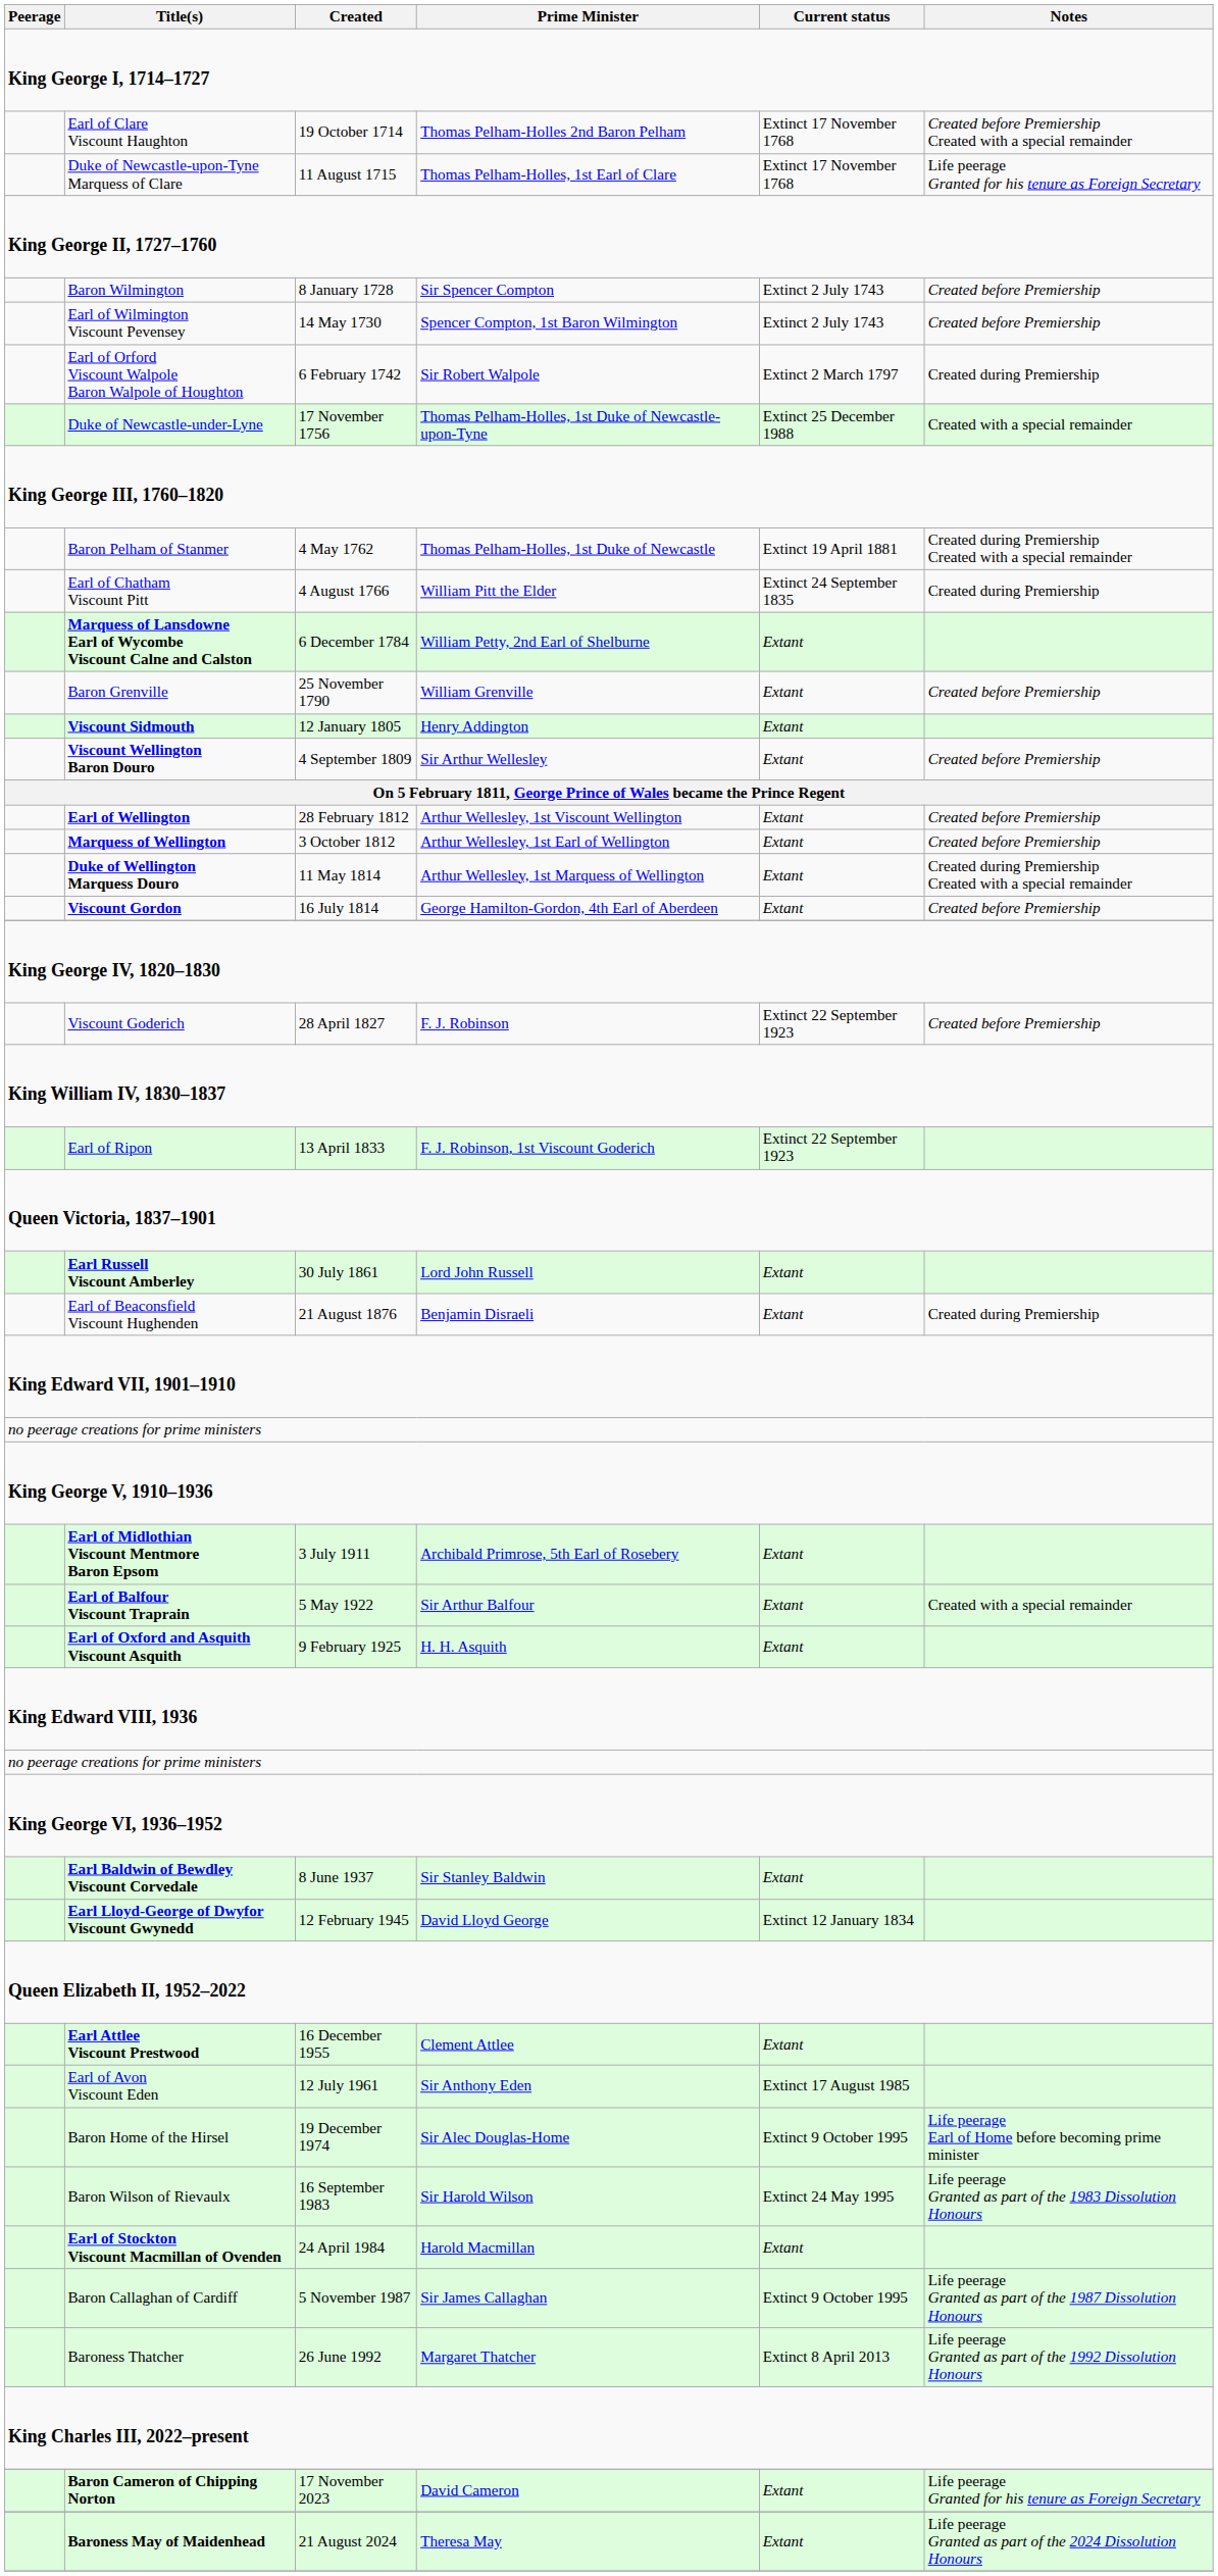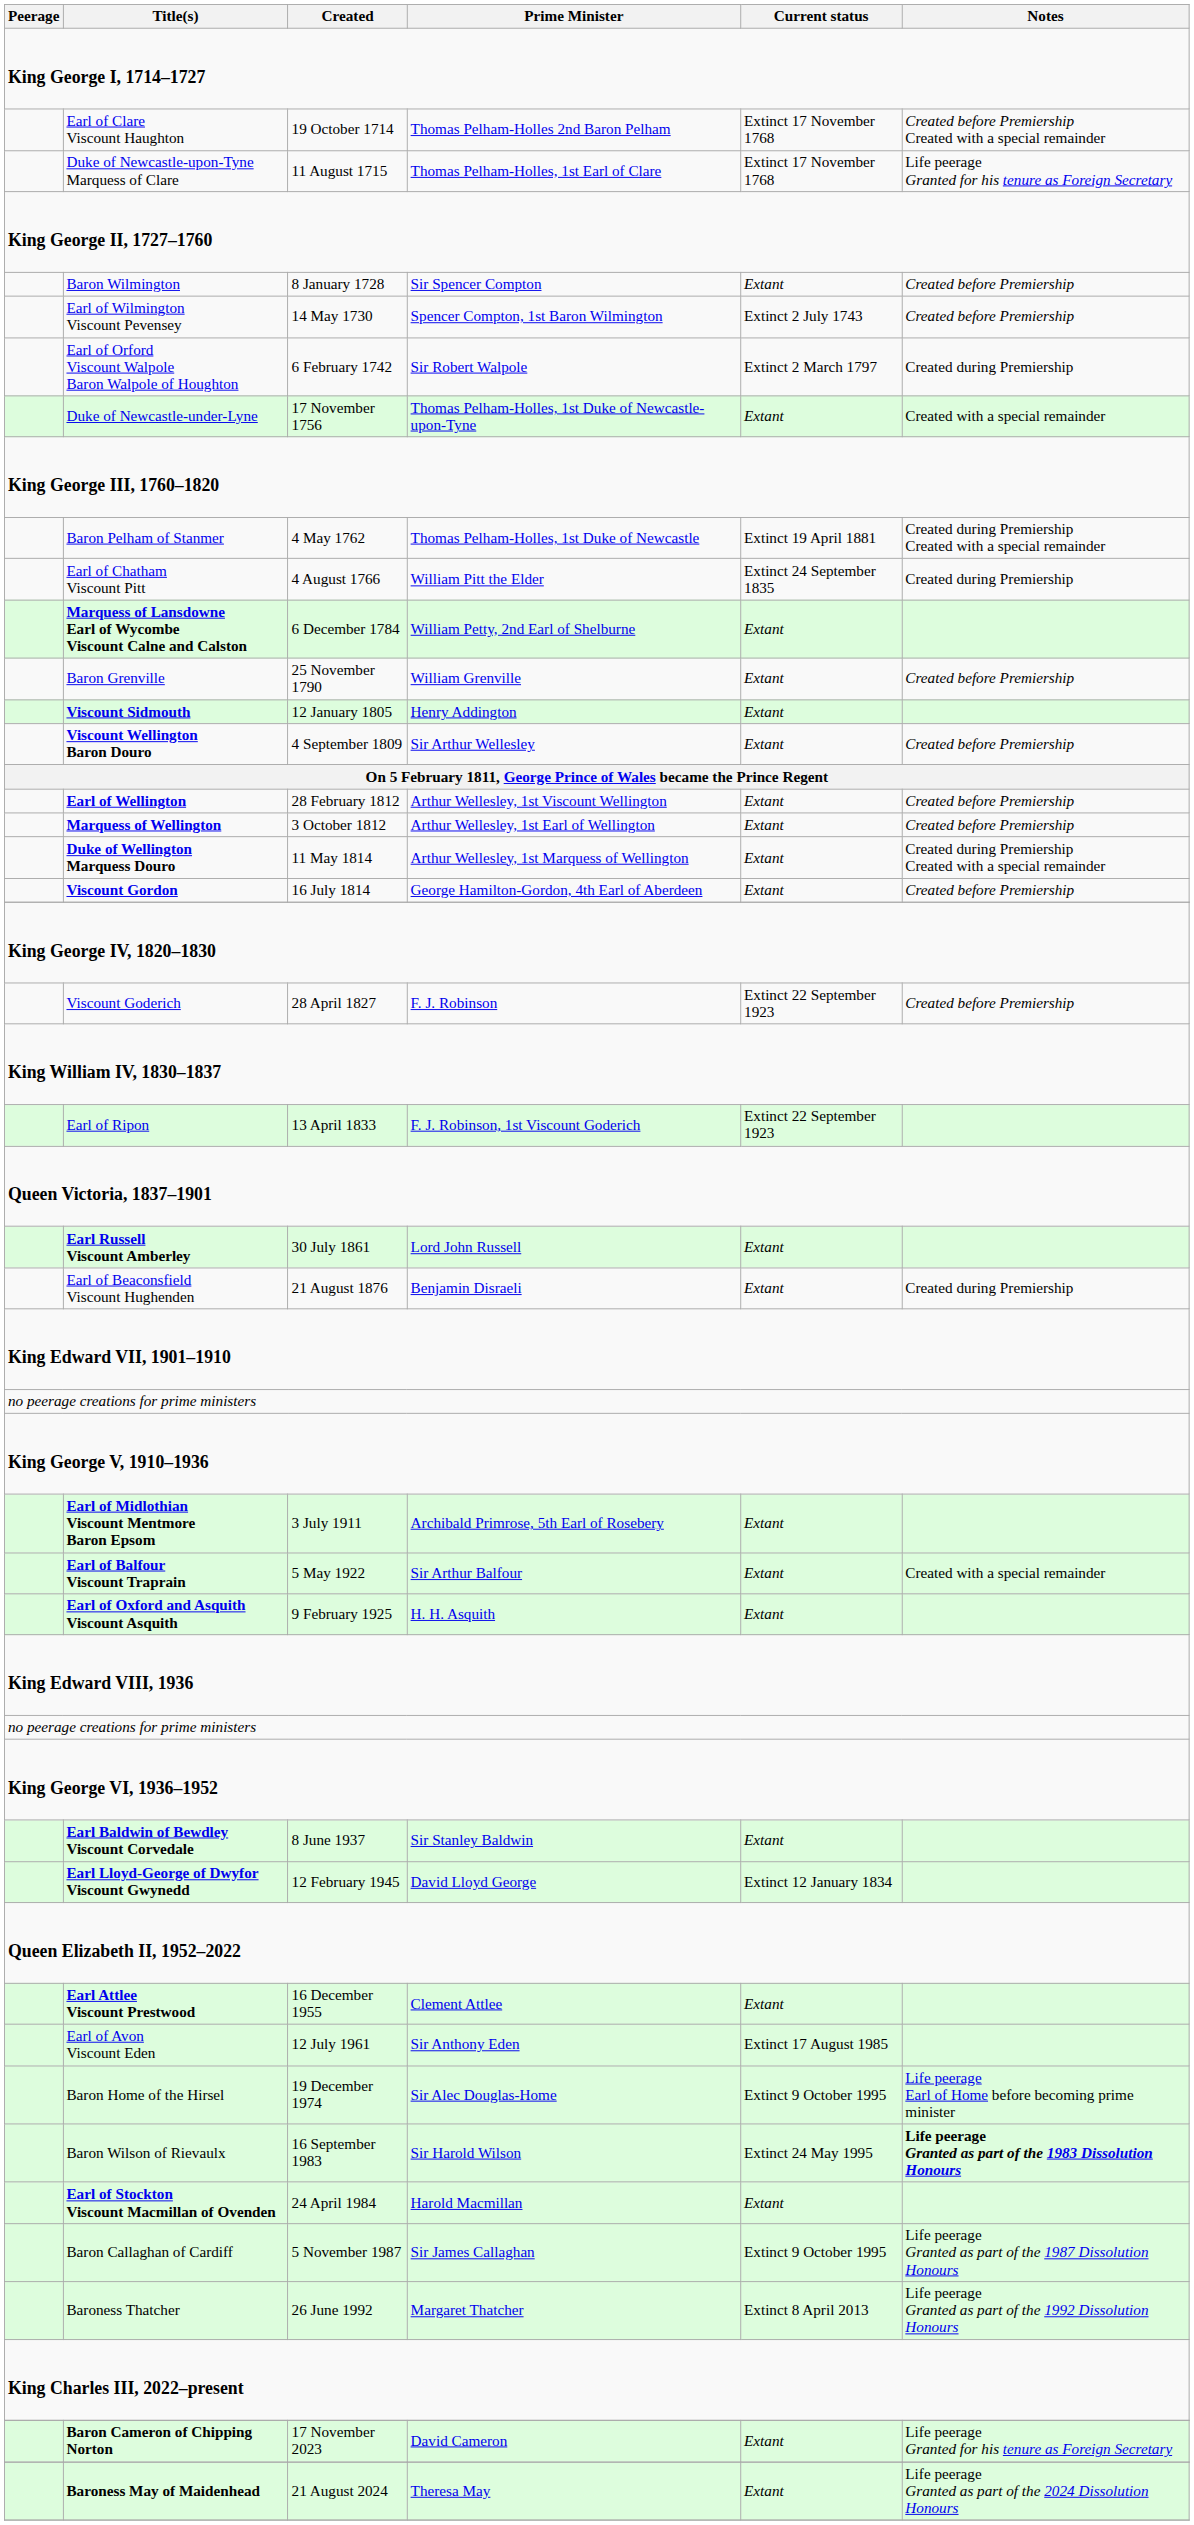 <table class="wikitable">
 <tr>
 <th>Peerage</th>
 <th>Title(s)</th>
 <th>Created</th>
 <th>Prime Minister</th>
 <th>Current status</th>
 <th>Notes</th>
 </tr>
 <tr>
 <td colspan=6><br><h3>King George I, 1714–1727</h3></td>
 </tr>
 <tr>
 <td></td>
 <td><a href='#'>Earl of Clare</a><br>Viscount Haughton</td>
 <td>19 October 1714</td>
 <td><a href='#'>Thomas Pelham-Holles 2nd Baron Pelham</a></td>
 <td>Extinct 17 November 1768</td>
 <td><em>Created before Premiership</em><br>Created with a special remainder</td>
 </tr>
 <tr>
 <td></td>
 <td><a href='#'>Duke of Newcastle-upon-Tyne</a><br>Marquess of Clare</td>
 <td>11 August 1715</td>
 <td><a href='#'>Thomas Pelham-Holles, 1st Earl of Clare</a></td>
 <td>Extinct 17 November 1768</td>
 <td>Life peerage<br><em>Granted for his <a href='#'>tenure as Foreign Secretary</a></em></td>
 </tr>
 <tr>
 <td colspan=6><br><h3>King George II, 1727–1760</h3></td>
 </tr>
 <tr>
 <td></td>
 <td><a href='#'>Baron Wilmington</a></td>
 <td>8 January 1728</td>
 <td><a href='#'>Sir Spencer Compton</a></td>
-<td>Extinct 2 July 1743</td>
+<td><em>Extant</em></td>
 <td><em>Created before Premiership</em></td>
 </tr>
 <tr>
 <td></td>
 <td><a href='#'>Earl of Wilmington</a><br>Viscount Pevensey</td>
 <td>14 May 1730</td>
 <td><a href='#'>Spencer Compton, 1st Baron Wilmington</a></td>
 <td>Extinct 2 July 1743</td>
 <td><em>Created before Premiership</em></td>
 </tr>
 <tr>
 <td></td>
 <td><a href='#'>Earl of Orford</a><br><a href='#'>Viscount Walpole</a><br><a href='#'>Baron Walpole of Houghton</a></td>
 <td>6 February 1742</td>
 <td><a href='#'>Sir Robert Walpole</a></td>
 <td>Extinct 2 March 1797</td>
 <td>Created during Premiership</td>
 </tr>
 <tr scope=row style="background:#DDFDDD">
 <td></td>
 <td><a href='#'>Duke of Newcastle-under-Lyne</a></td>
 <td>17 November 1756</td>
 <td><a href='#'>Thomas Pelham-Holles, 1st Duke of Newcastle-upon-Tyne</a></td>
-<td>Extinct 25 December 1988</td>
+<td><em>Extant</em></td>
 <td>Created with a special remainder</td>
 </tr>
 <tr>
 <td colspan=6><br><h3>King George III, 1760–1820</h3></td>
 </tr>
 <tr>
 <td></td>
 <td><a href='#'>Baron Pelham of Stanmer</a></td>
 <td>4 May 1762</td>
 <td><a href='#'>Thomas Pelham-Holles, 1st Duke of Newcastle</a></td>
 <td>Extinct 19 April 1881</td>
 <td>Created during Premiership<br>Created with a special remainder</td>
 </tr>
 <tr>
 <td></td>
 <td><a href='#'>Earl of Chatham</a><br>Viscount Pitt</td>
 <td>4 August 1766</td>
 <td><a href='#'>William Pitt the Elder</a></td>
 <td>Extinct 24 September 1835</td>
 <td>Created during Premiership</td>
 </tr>
 <tr scope=row style="background:#DDFDDD">
 <td></td>
 <td><strong><a href='#'>Marquess of Lansdowne</a><br>Earl of Wycombe<br>Viscount Calne and Calston</strong></td>
 <td>6 December 1784</td>
 <td><a href='#'>William Petty, 2nd Earl of Shelburne</a></td>
 <td><em>Extant</em></td>
 <td></td>
 </tr>
 <tr>
 <td></td>
 <td><a href='#'>Baron Grenville</a></td>
 <td>25 November 1790</td>
 <td><a href='#'>William Grenville</a></td>
 <td><em>Extant</em></td>
 <td><em>Created before Premiership</em></td>
 </tr>
 <tr scope=row style="background:#DDFDDD">
 <td></td>
 <td><strong><a href='#'>Viscount Sidmouth</a></strong></td>
 <td>12 January 1805</td>
 <td><a href='#'>Henry Addington</a></td>
 <td><em>Extant</em></td>
 <td></td>
 </tr>
 <tr>
 <td></td>
 <td><strong><a href='#'>Viscount Wellington</a><br>Baron Douro</strong></td>
 <td>4 September 1809</td>
 <td><a href='#'>Sir Arthur Wellesley</a></td>
 <td><em>Extant</em></td>
 <td><em>Created before Premiership</em></td>
 </tr>
 <tr>
 <th colspan=6>On 5 February 1811, <a href='#'>George Prince of Wales</a> became the Prince Regent</th>
 </tr>
 <tr>
 <td></td>
 <td><strong><a href='#'>Earl of Wellington</a></strong></td>
 <td>28 February 1812</td>
 <td><a href='#'>Arthur Wellesley, 1st Viscount Wellington</a></td>
 <td><em>Extant</em></td>
 <td><em>Created before Premiership</em></td>
 </tr>
 <tr>
 <td></td>
 <td><strong><a href='#'>Marquess of Wellington</a></strong></td>
 <td>3 October 1812</td>
 <td><a href='#'>Arthur Wellesley, 1st Earl of Wellington</a></td>
 <td><em>Extant</em></td>
 <td><em>Created before Premiership</em></td>
 </tr>
 <tr>
 <td></td>
 <td><strong><a href='#'>Duke of Wellington</a><br>Marquess Douro</strong></td>
 <td>11 May 1814</td>
 <td><a href='#'>Arthur Wellesley, 1st Marquess of Wellington</a></td>
 <td><em>Extant</em></td>
 <td>Created during Premiership<br>Created with a special remainder</td>
 </tr>
 <tr>
 <td></td>
 <td><strong><a href='#'>Viscount Gordon</a></strong></td>
 <td>16 July 1814</td>
 <td><a href='#'>George Hamilton-Gordon, 4th Earl of Aberdeen</a></td>
 <td><em>Extant</em></td>
 <td><em>Created before Premiership</em></td>
 </tr>
 <tr>
 </tr>
 <tr>
 <td colspan=6><br><h3>King George IV, 1820–1830</h3></td>
 </tr>
 <tr>
 <td></td>
 <td><a href='#'>Viscount Goderich</a></td>
 <td>28 April 1827</td>
 <td><a href='#'>F. J. Robinson</a></td>
 <td>Extinct 22 September 1923</td>
 <td><em>Created before Premiership</em></td>
 </tr>
 <tr>
 <td colspan=6><br><h3>King William IV, 1830–1837</h3></td>
 </tr>
 <tr scope=row style="background:#DDFDDD">
 <td></td>
 <td><a href='#'>Earl of Ripon</a></td>
 <td>13 April 1833</td>
 <td><a href='#'>F. J. Robinson, 1st Viscount Goderich</a></td>
 <td>Extinct 22 September 1923</td>
 <td></td>
 </tr>
 <tr>
 <td colspan=6><br><h3>Queen Victoria, 1837–1901</h3></td>
 </tr>
 <tr scope=row style="background:#DDFDDD">
 <td></td>
 <td><strong><a href='#'>Earl Russell</a><br>Viscount Amberley</strong></td>
 <td>30 July 1861</td>
 <td><a href='#'>Lord John Russell</a></td>
 <td><em>Extant</em></td>
 <td></td>
 </tr>
 <tr>
 <td></td>
 <td><a href='#'>Earl of Beaconsfield</a><br>Viscount Hughenden</td>
 <td>21 August 1876</td>
 <td><a href='#'>Benjamin Disraeli</a></td>
 <td><em>Extant</em></td>
 <td>Created during Premiership</td>
 </tr>
 <tr>
 <td colspan=6><br><h3>King Edward VII, 1901–1910</h3></td>
 </tr>
 <tr>
 <td colspan=6><em>no peerage creations for prime ministers</em></td>
 </tr>
 <tr>
 <td colspan=6><br><h3>King George V, 1910–1936</h3></td>
 </tr>
 <tr scope=row style="background:#DDFDDD">
 <td></td>
 <td><strong><a href='#'>Earl of Midlothian</a><br>Viscount Mentmore<br>Baron Epsom</strong></td>
 <td>3 July 1911</td>
 <td><a href='#'>Archibald Primrose, 5th Earl of Rosebery</a></td>
 <td><em>Extant</em></td>
 <td></td>
 </tr>
 <tr scope=row style="background:#DDFDDD">
 <td></td>
 <td><strong><a href='#'>Earl of Balfour</a><br>Viscount Traprain</strong></td>
 <td>5 May 1922</td>
 <td><a href='#'>Sir Arthur Balfour</a></td>
 <td><em>Extant</em></td>
 <td>Created with a special remainder</td>
 </tr>
 <tr scope=row style="background:#DDFDDD">
 <td></td>
 <td><strong><a href='#'>Earl of Oxford and Asquith</a><br>Viscount Asquith</strong></td>
 <td>9 February 1925</td>
 <td><a href='#'>H. H. Asquith</a></td>
 <td><em>Extant</em></td>
 <td></td>
 </tr>
 <tr>
 <td colspan=6><br><h3>King Edward VIII, 1936</h3></td>
 </tr>
 <tr>
 <td colspan=6><em>no peerage creations for prime ministers</em></td>
 </tr>
 <tr>
 <td colspan=6><br><h3>King George VI, 1936–1952</h3></td>
 </tr>
 <tr scope=row style="background:#DDFDDD">
 <td></td>
 <td><strong><a href='#'>Earl Baldwin of Bewdley</a><br>Viscount Corvedale</strong></td>
 <td>8 June 1937</td>
 <td><a href='#'>Sir Stanley Baldwin</a></td>
 <td><em>Extant</em></td>
 <td></td>
 </tr>
 <tr scope=row style="background:#DDFDDD">
 <td></td>
 <td><strong><a href='#'>Earl Lloyd-George of Dwyfor</a><br>Viscount Gwynedd</strong></td>
 <td>12 February 1945</td>
 <td><a href='#'>David Lloyd George</a></td>
 <td>Extinct 12 January 1834</td>
 <td></td>
 </tr>
 <tr>
 <td colspan=6><br><h3>Queen Elizabeth II, 1952–2022</h3></td>
 </tr>
 <tr scope=row style="background:#DDFDDD">
 <td></td>
 <td><strong><a href='#'>Earl Attlee</a><br>Viscount Prestwood</strong></td>
 <td>16 December 1955</td>
 <td><a href='#'>Clement Attlee</a></td>
 <td><em>Extant</em></td>
 <td></td>
 </tr>
 <tr scope=row style="background:#DDFDDD">
 <td></td>
 <td><a href='#'>Earl of Avon</a><br>Viscount Eden</td>
 <td>12 July 1961</td>
 <td><a href='#'>Sir Anthony Eden</a></td>
 <td>Extinct 17 August 1985</td>
 <td></td>
 </tr>
 <tr scope=row style="background:#DDFDDD">
 <td></td>
 <td>Baron Home of the Hirsel</td>
 <td>19 December 1974</td>
 <td><a href='#'>Sir Alec Douglas-Home</a></td>
 <td>Extinct 9 October 1995</td>
 <td><a href='#'>Life peerage</a><br><a href='#'>Earl of Home</a> before becoming prime minister</td>
 </tr>
 <tr scope=row style="background:#DDFDDD">
 <td></td>
 <td>Baron Wilson of Rievaulx</td>
 <td>16 September 1983</td>
 <td><a href='#'>Sir Harold Wilson</a></td>
 <td>Extinct 24 May 1995</td>
-<td>Life peerage<br><em>Granted as part of the <a href='#'>1983 Dissolution Honours</a></em></td>
+<td><strong>Life peerage<br><em>Granted as part of the <a href='#'>1983 Dissolution Honours</a></em></strong></td>
 </tr>
 <tr scope=row style="background:#DDFDDD">
 <td></td>
 <td><strong><a href='#'>Earl of Stockton</a><br>Viscount Macmillan of Ovenden</strong></td>
 <td>24 April 1984</td>
 <td><a href='#'>Harold Macmillan</a></td>
 <td><em>Extant</em></td>
 <td></td>
 </tr>
 <tr scope=row style="background:#DDFDDD">
 <td></td>
 <td>Baron Callaghan of Cardiff</td>
 <td>5 November 1987</td>
 <td><a href='#'>Sir James Callaghan</a></td>
 <td>Extinct 9 October 1995</td>
 <td>Life peerage<br><em>Granted as part of the <a href='#'>1987 Dissolution Honours</a></em></td>
 </tr>
 <tr scope=row style="background:#DDFDDD">
 <td></td>
 <td>Baroness Thatcher</td>
 <td>26 June 1992</td>
 <td><a href='#'>Margaret Thatcher</a></td>
 <td>Extinct 8 April 2013</td>
 <td>Life peerage<br><em>Granted as part of the <a href='#'>1992 Dissolution Honours</a></em></td>
 </tr>
 <tr>
 <td colspan=6><br><h3>King Charles III, 2022–present</h3></td>
 </tr>
 <tr>
 </tr>
 <tr scope=row style="background:#DDFDDD">
 <td></td>
 <td><strong>Baron Cameron of Chipping Norton</strong></td>
 <td>17 November 2023</td>
 <td><a href='#'>David Cameron</a></td>
 <td><em>Extant</em></td>
 <td>Life peerage<br><em>Granted for his <a href='#'>tenure as Foreign Secretary</a></em></td>
 </tr>
 <tr>
 </tr>
 <tr scope=row style="background:#DDFDDD">
 <td></td>
 <td><strong>Baroness May of Maidenhead</strong></td>
 <td>21 August 2024</td>
 <td><a href='#'>Theresa May</a></td>
 <td><em>Extant</em></td>
 <td>Life peerage<br><em>Granted as part of the <a href='#'>2024 Dissolution Honours</a></em></td>
 </tr>
 <tr>
 </tr>
 </table>
